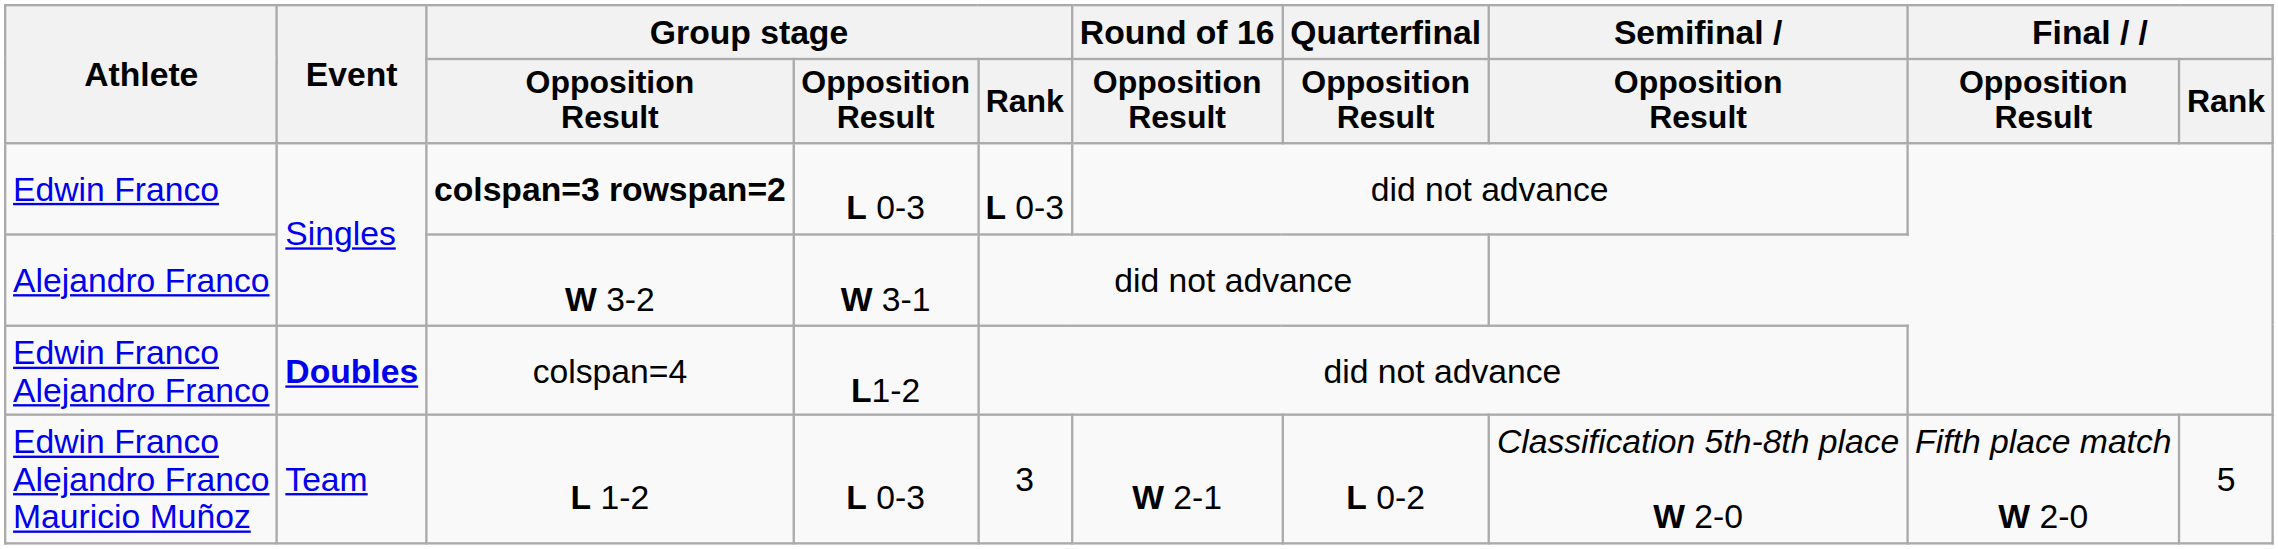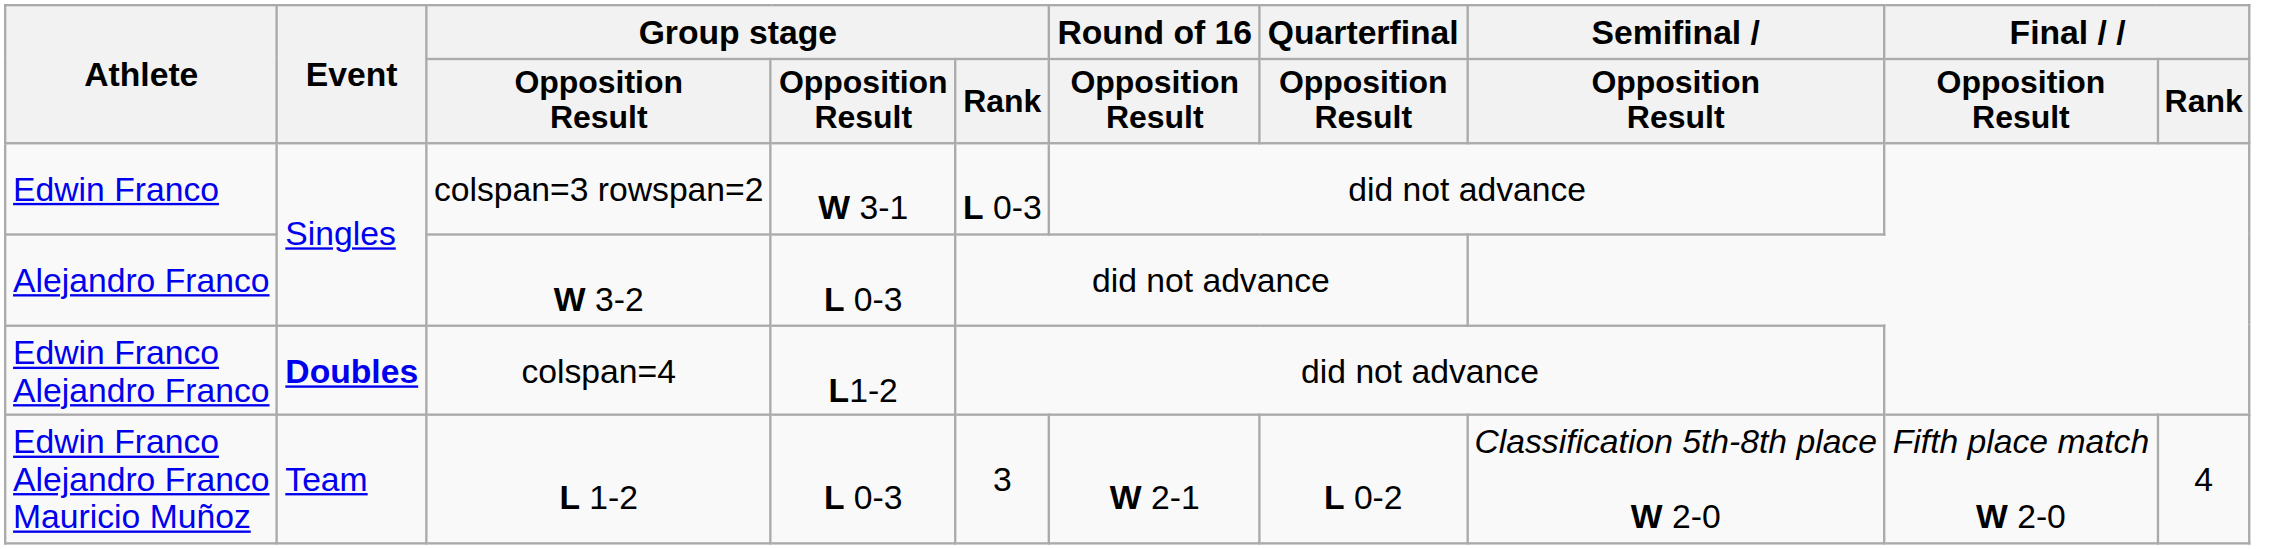 <table class=wikitable style=font-size:90%;text-align:center>
 <tr>
 <th rowspan=2>Athlete</th>
 <th rowspan=2>Event</th>
 <th colspan=3>Group stage</th>
 <th>Round of 16</th>
 <th>Quarterfinal</th>
 <th>Semifinal / </th>
 <th colspan=2>Final /  / </th>
 </tr>
 <tr style=font-size:95%>
 <th>Opposition<br>Result</th>
 <th>Opposition<br>Result</th>
 <th>Rank</th>
 <th>Opposition<br>Result</th>
 <th>Opposition<br>Result</th>
 <th>Opposition<br>Result</th>
 <th>Opposition<br>Result</th>
 <th>Rank</th>
 </tr>
 <tr>
 <td align=left><a href='#'>Edwin Franco</a></td>
 <td align=left rowspan=2><a href='#'>Singles</a></td>
-<td><strong>colspan=3 rowspan=2 </strong></td>
-<td><br><strong>L</strong> 0-3</td>
+<td>colspan=3 rowspan=2 </td>
+<td><br><strong>W</strong> 3-1</td>
 <td><br><strong>L</strong> 0-3</td>
 <td colspan=3>did not advance</td>
 </tr>
 <tr>
 <td align=left><a href='#'>Alejandro Franco</a></td>
 <td><br><strong>W</strong> 3-2</td>
-<td><br><strong>W</strong> 3-1</td>
+<td><br><strong>L</strong> 0-3</td>
 <td colspan=3>did not advance</td>
 </tr>
 <tr>
 <td align=left><a href='#'>Edwin Franco</a><br><a href='#'>Alejandro Franco</a></td>
 <td align=left><strong><a href='#'>Doubles</a></strong></td>
 <td>colspan=4 </td>
 <td><br><strong>L</strong>1-2</td>
 <td colspan=4>did not advance</td>
 </tr>
 <tr>
 <td align=left><a href='#'>Edwin Franco</a><br><a href='#'>Alejandro Franco</a><br><a href='#'>Mauricio Muñoz</a></td>
 <td align=left><a href='#'>Team</a></td>
 <td><br><strong>L</strong> 1-2</td>
 <td><br><strong>L</strong> 0-3</td>
 <td>3</td>
 <td><br><strong>W</strong> 2-1</td>
 <td><br><strong>L</strong> 0-2</td>
 <td><em>Classification 5th-8th place</em><br><br><strong>W</strong> 2-0</td>
 <td><em>Fifth place match</em><br><br><strong>W</strong> 2-0</td>
-<td>5</td>
+<td>4</td>
 </tr>
 </table>
